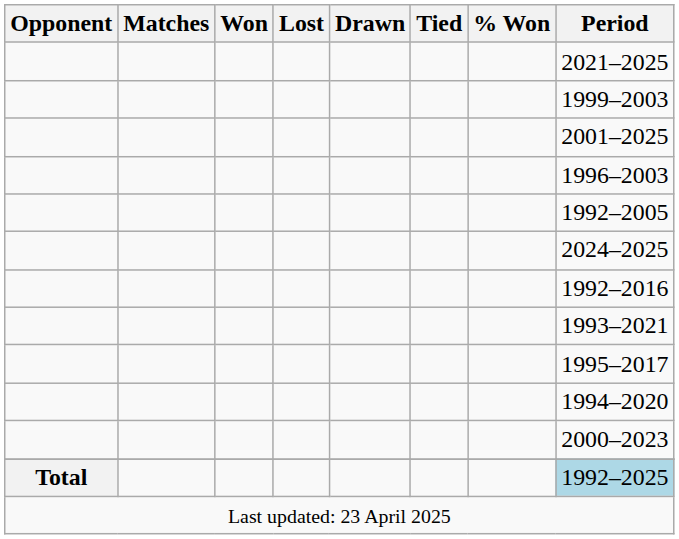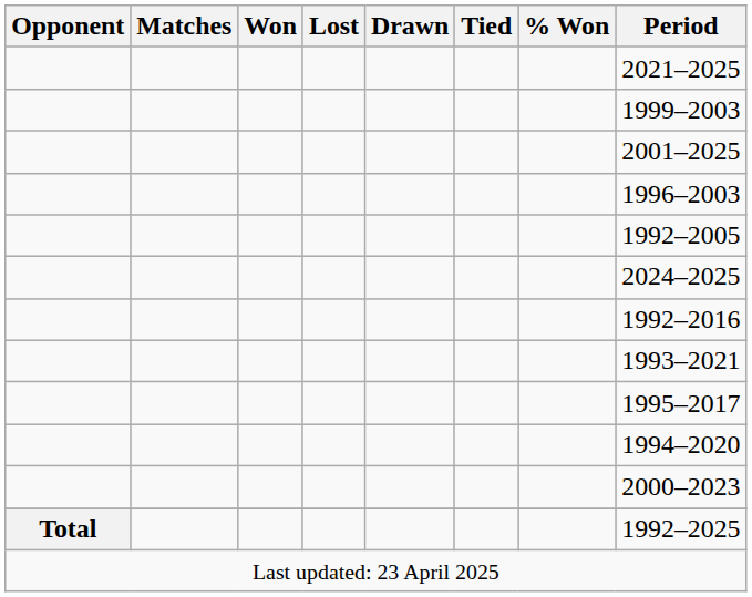 <table class="wikitable plainrowheaders sortable" style="text-align:center">
 <tr>
 <th>Opponent</th>
 <th>Matches</th>
 <th>Won</th>
 <th>Lost</th>
 <th>Drawn</th>
 <th>Tied</th>
 <th>% Won</th>
 <th>Period</th>
 </tr>
 <tr>
 <td></td>
 <td></td>
 <td></td>
 <td></td>
 <td></td>
 <td></td>
 <td></td>
 <td>2021–2025</td>
 </tr>
 <tr>
 <td></td>
 <td></td>
 <td></td>
 <td></td>
 <td></td>
 <td></td>
 <td></td>
 <td>1999–2003</td>
 </tr>
 <tr>
 <td></td>
 <td></td>
 <td></td>
 <td></td>
 <td></td>
 <td></td>
 <td></td>
 <td>2001–2025</td>
 </tr>
 <tr>
 <td></td>
 <td></td>
 <td></td>
 <td></td>
 <td></td>
 <td></td>
 <td></td>
 <td>1996–2003</td>
 </tr>
 <tr>
 <td></td>
 <td></td>
 <td></td>
 <td></td>
 <td></td>
 <td></td>
 <td></td>
 <td>1992–2005</td>
 </tr>
 <tr>
 <td></td>
 <td></td>
 <td></td>
 <td></td>
 <td></td>
 <td></td>
 <td></td>
 <td>2024–2025</td>
 </tr>
 <tr>
 <td></td>
 <td></td>
 <td></td>
 <td></td>
 <td></td>
 <td></td>
 <td></td>
 <td>1992–2016</td>
 </tr>
 <tr>
 <td></td>
 <td></td>
 <td></td>
 <td></td>
 <td></td>
 <td></td>
 <td></td>
 <td>1993–2021</td>
 </tr>
 <tr>
 <td></td>
 <td></td>
 <td></td>
 <td></td>
 <td></td>
 <td></td>
 <td></td>
 <td>1995–2017</td>
 </tr>
 <tr>
 <td></td>
 <td></td>
 <td></td>
 <td></td>
 <td></td>
 <td></td>
 <td></td>
 <td>1994–2020</td>
 </tr>
 <tr>
 <td></td>
 <td></td>
 <td></td>
 <td></td>
 <td></td>
 <td></td>
 <td></td>
 <td>2000–2023</td>
 </tr>
 <tr>
 </tr>
 <tr class="sortbottom">
 <th scope="row" style="text-align:center"><strong>Total</strong></th>
 <td></td>
 <td></td>
 <td></td>
 <td></td>
 <td></td>
 <td></td>
-<td style="background: lightblue;">1992–2025</td>
+<td>1992–2025</td>
 </tr>
 <tr>
 <td colspan=8><small>Last updated: 23 April 2025</small></td>
 </tr>
 </table>
